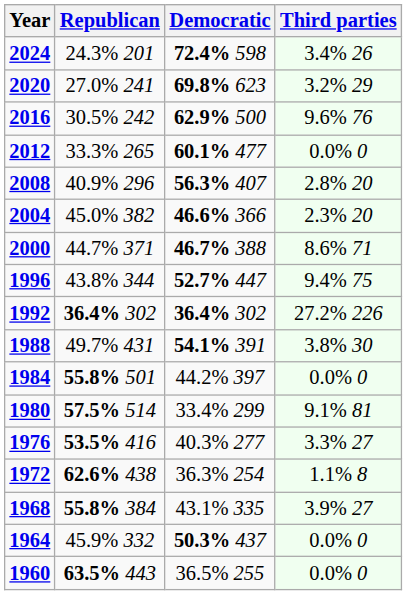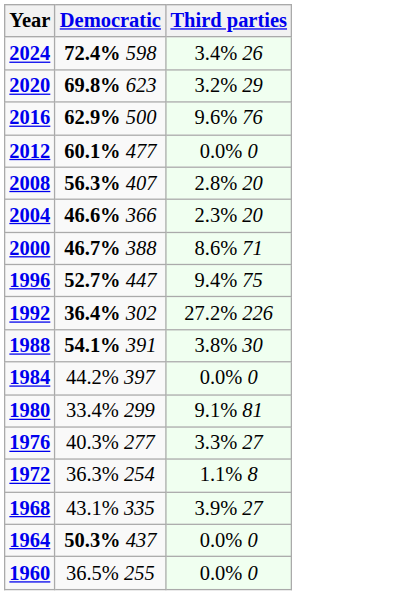 <table class="wikitable" style="left:1em; :95%">
 <tr bgcolor=lightgrey>
 <th>Year</th>
-<th><a href='#'>Republican</a></th>
 <th><a href='#'>Democratic</a></th>
 <th><a href='#'>Third parties</a></th>
 </tr>
 <tr>
 <td style="text-align:center;" ><strong><a href='#'>2024</a></strong></td>
-<td style="text-align:center;" >24.3% <em>201</em></td>
 <td style="text-align:center;" ><strong>72.4%</strong> <em>598</em></td>
 <td style="text-align:center; background:honeyDew;">3.4% <em>26</em></td>
 </tr>
 <tr>
 <td style="text-align:center;" ><strong><a href='#'>2020</a></strong></td>
-<td style="text-align:center;" >27.0% <em>241</em></td>
 <td style="text-align:center;" ><strong>69.8%</strong> <em>623</em></td>
 <td style="text-align:center; background:honeyDew;">3.2% <em>29</em></td>
 </tr>
 <tr>
 <td style="text-align:center;" ><strong><a href='#'>2016</a></strong></td>
-<td style="text-align:center;" >30.5% <em>242</em></td>
 <td style="text-align:center;" ><strong>62.9%</strong> <em>500</em></td>
 <td style="text-align:center; background:honeyDew;">9.6% <em>76</em></td>
 </tr>
 <tr>
 <td style="text-align:center;" ><strong><a href='#'>2012</a></strong></td>
-<td style="text-align:center;" >33.3% <em>265</em></td>
 <td style="text-align:center;" ><strong>60.1%</strong> <em>477</em></td>
 <td style="text-align:center; background:honeyDew;">0.0% <em>0</em></td>
 </tr>
 <tr>
 <td style="text-align:center;" ><strong><a href='#'>2008</a></strong></td>
-<td style="text-align:center;" >40.9% <em>296</em></td>
 <td style="text-align:center;" ><strong>56.3%</strong> <em>407</em></td>
 <td style="text-align:center; background:honeyDew;">2.8% <em>20</em></td>
 </tr>
 <tr>
 <td style="text-align:center;" ><strong><a href='#'>2004</a></strong></td>
-<td style="text-align:center;" >45.0% <em>382</em></td>
 <td style="text-align:center;" ><strong>46.6%</strong> <em>366</em></td>
 <td style="text-align:center; background:honeyDew;">2.3% <em>20</em></td>
 </tr>
 <tr>
 <td style="text-align:center;" ><strong><a href='#'>2000</a></strong></td>
-<td style="text-align:center;" >44.7% <em>371</em></td>
 <td style="text-align:center;" ><strong>46.7%</strong> <em>388</em></td>
 <td style="text-align:center; background:honeyDew;">8.6% <em>71</em></td>
 </tr>
 <tr>
 <td style="text-align:center;" ><strong><a href='#'>1996</a></strong></td>
-<td style="text-align:center;" >43.8% <em>344</em></td>
 <td style="text-align:center;" ><strong>52.7%</strong> <em>447</em></td>
 <td style="text-align:center; background:honeyDew;">9.4% <em>75</em></td>
 </tr>
 <tr>
 <td style="text-align:center;" ><strong><a href='#'>1992</a></strong></td>
 <td style="text-align:center;" ><strong>36.4%</strong> <em>302</em></td>
-<td style="text-align:center;" ><strong>36.4%</strong> <em>302</em></td>
 <td style="text-align:center; background:honeyDew;">27.2% <em>226</em></td>
 </tr>
 <tr>
 <td style="text-align:center;" ><strong><a href='#'>1988</a></strong></td>
-<td style="text-align:center;" >49.7% <em>431</em></td>
 <td style="text-align:center;" ><strong>54.1%</strong> <em>391</em></td>
 <td style="text-align:center; background:honeyDew;">3.8% <em>30</em></td>
 </tr>
 <tr>
 <td style="text-align:center;" ><strong><a href='#'>1984</a></strong></td>
-<td style="text-align:center;" ><strong>55.8%</strong> <em>501</em></td>
 <td style="text-align:center;" >44.2% <em>397</em></td>
 <td style="text-align:center; background:honeyDew;">0.0% <em>0</em></td>
 </tr>
 <tr>
 <td style="text-align:center;" ><strong><a href='#'>1980</a></strong></td>
-<td style="text-align:center;" ><strong>57.5%</strong> <em>514</em></td>
 <td style="text-align:center;" >33.4% <em>299</em></td>
 <td style="text-align:center; background:honeyDew;">9.1% <em>81</em></td>
 </tr>
 <tr>
 <td style="text-align:center;" ><strong><a href='#'>1976</a></strong></td>
-<td style="text-align:center;" ><strong>53.5%</strong> <em>416</em></td>
 <td style="text-align:center;" >40.3% <em>277</em></td>
 <td style="text-align:center; background:honeyDew;">3.3% <em>27</em></td>
 </tr>
 <tr>
 <td style="text-align:center;" ><strong><a href='#'>1972</a></strong></td>
-<td style="text-align:center;" ><strong>62.6%</strong> <em>438</em></td>
 <td style="text-align:center;" >36.3% <em>254</em></td>
 <td style="text-align:center; background:honeyDew;">1.1% <em>8</em></td>
 </tr>
 <tr>
 <td style="text-align:center;" ><strong><a href='#'>1968</a></strong></td>
-<td style="text-align:center;" ><strong>55.8%</strong> <em>384</em></td>
 <td style="text-align:center;" >43.1% <em>335</em></td>
 <td style="text-align:center; background:honeyDew;">3.9% <em>27</em></td>
 </tr>
 <tr>
 <td style="text-align:center;" ><strong><a href='#'>1964</a></strong></td>
-<td style="text-align:center;" >45.9% <em>332</em></td>
 <td style="text-align:center;" ><strong>50.3%</strong> <em>437</em></td>
 <td style="text-align:center; background:honeyDew;">0.0% <em>0</em></td>
 </tr>
 <tr>
 <td style="text-align:center;" ><strong><a href='#'>1960</a></strong></td>
-<td style="text-align:center;" ><strong>63.5%</strong> <em>443</em></td>
 <td style="text-align:center;" >36.5% <em>255</em></td>
 <td style="text-align:center; background:honeyDew;">0.0% <em>0</em></td>
 </tr>
 </table>
